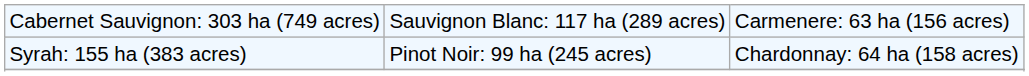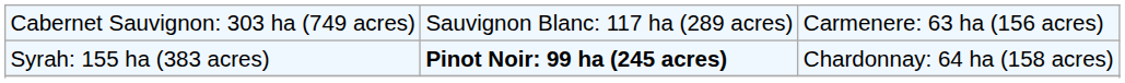 <table class="wikitable" style="background:#F0F8FF; font-size:95%;">
 <tr>
 <td>Cabernet Sauvignon: 303 ha (749 acres)</td>
 <td>Sauvignon Blanc: 117 ha (289 acres)</td>
 <td>Carmenere: 63 ha (156 acres)</td>
 </tr>
 <tr>
 <td>Syrah: 155 ha (383 acres)</td>
-<td>Pinot Noir: 99 ha (245 acres)</td>
+<td><strong>Pinot Noir: 99 ha (245 acres)</strong></td>
 <td>Chardonnay: 64 ha (158 acres)</td>
 </tr>
 <tr>
 </tr>
 <tr Merlot: 90 ha (222 acres)>
 </tr>
 <tr Cabernet Franc: 61 ha (151 acres)>
 </tr>
 </table>
